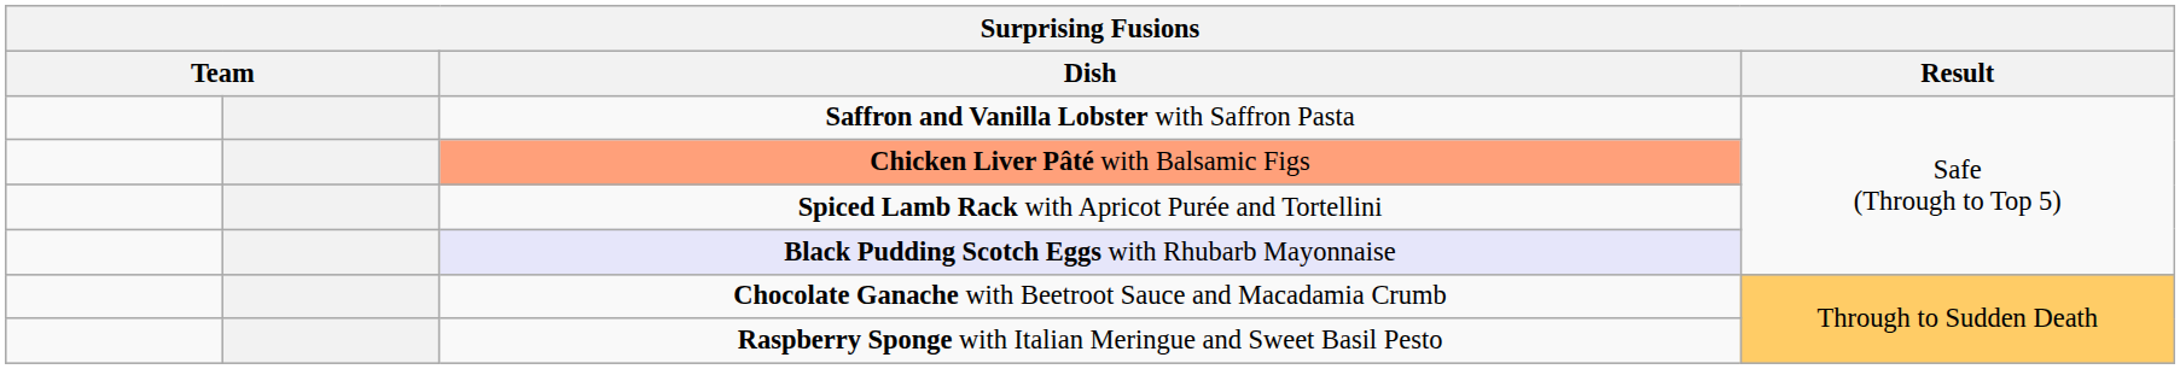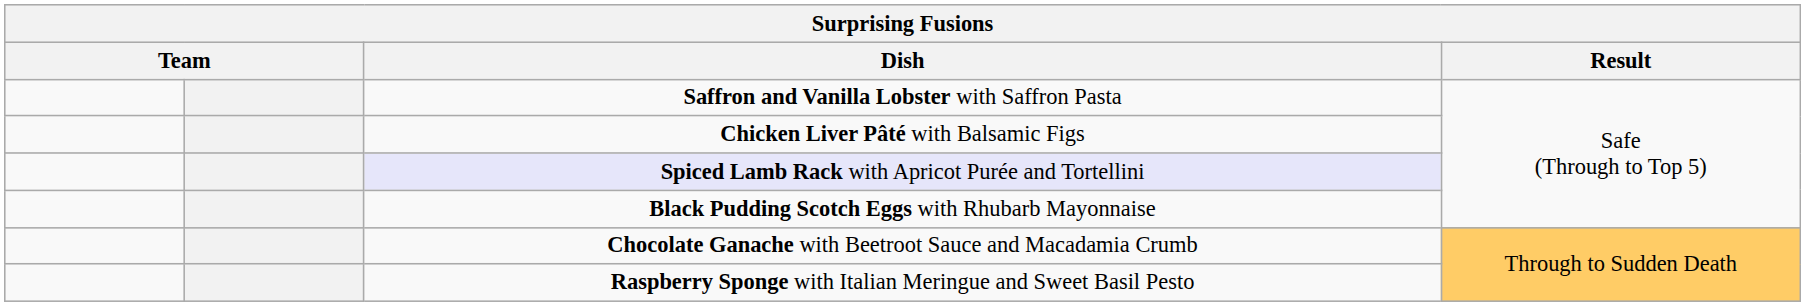 <table class="wikitable plainrowheaders" style="margin: 1em auto; text-align:center; font-size:90%; width:80em;">
 <tr>
 <th colspan="4" >Surprising Fusions</th>
 </tr>
 <tr>
 <th style="width:20%;" colspan="2">Team</th>
 <th style="width:60%;">Dish</th>
 <th style="width:20%;">Result</th>
 </tr>
 <tr>
 <td></td>
 <th style="text-align:centre"></th>
 <td><strong>Saffron and Vanilla Lobster</strong> with Saffron Pasta</td>
 <td rowspan="4">Safe<br>(Through to Top 5)</td>
 </tr>
 <tr>
 <td></td>
 <th style="text-align:centre"></th>
-<td style="background: lightsalmon;"><strong>Chicken Liver Pâté</strong> with Balsamic Figs</td>
+<td><strong>Chicken Liver Pâté</strong> with Balsamic Figs</td>
 </tr>
 <tr>
 <td></td>
 <th style="text-align:centre"></th>
-<td><strong>Spiced Lamb Rack</strong> with Apricot Purée and Tortellini</td>
+<td style="background: lavender;"><strong>Spiced Lamb Rack</strong> with Apricot Purée and Tortellini</td>
 </tr>
 <tr>
 <td></td>
 <th style="text-align:centre"></th>
-<td style="background: lavender;"><strong>Black Pudding Scotch Eggs</strong> with Rhubarb Mayonnaise</td>
+<td><strong>Black Pudding Scotch Eggs</strong> with Rhubarb Mayonnaise</td>
 </tr>
 <tr>
 <td></td>
 <th style="text-align:centre"></th>
 <td><strong>Chocolate Ganache</strong> with Beetroot Sauce and Macadamia Crumb</td>
 <td rowspan="2" bgcolor="FFCC66">Through to Sudden Death</td>
 </tr>
 <tr>
 <td></td>
 <th style="text-align:centre"></th>
 <td><strong>Raspberry Sponge</strong> with Italian Meringue and Sweet Basil Pesto</td>
 </tr>
 </table>
